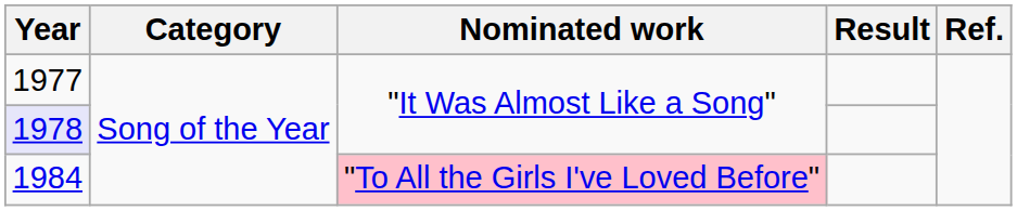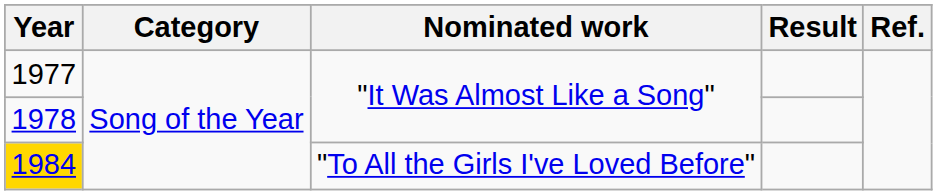 <table class="wikitable plainrowheaders" style="text-align:center;">
 <tr>
 <th>Year</th>
 <th>Category</th>
 <th>Nominated work</th>
 <th>Result</th>
 <th>Ref.</th>
 </tr>
 <tr>
 <td>1977</td>
 <td rowspan="3"><a href='#'>Song of the Year</a></td>
 <td rowspan="2">"<a href='#'>It Was Almost Like a Song</a>" <br> </td>
 <td></td>
 <td align="center" rowspan="3"></td>
 </tr>
 <tr>
-<td style="background: lavender;"><a href='#'>1978</a></td>
+<td><a href='#'>1978</a></td>
 <td></td>
 </tr>
 <tr>
-<td><a href='#'>1984</a></td>
-<td style="background: pink;">"<a href='#'>To All the Girls I've Loved Before</a>" <br> </td>
+<td style="background: gold;"><a href='#'>1984</a></td>
+<td>"<a href='#'>To All the Girls I've Loved Before</a>" <br> </td>
 <td></td>
 </tr>
 </table>
